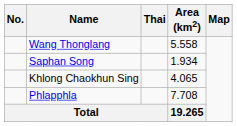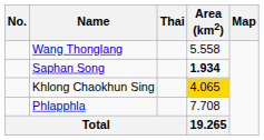 <table class="wikitable sortable">
 <tr>
 <th>No.</th>
 <th>Name</th>
 <th>Thai</th>
 <th>Area<br>(km<sup>2</sup>)</th>
 <th>Map</th>
 </tr>
 <tr>
 <td></td>
 <td><a href='#'>Wang Thonglang</a></td>
 <td></td>
 <td><div>5.558</div></td>
 <td rowspan=5></td>
 </tr>
 <tr>
 <td></td>
 <td><a href='#'>Saphan Song</a></td>
 <td></td>
-<td><div>1.934</div></td>
+<td><strong><div>1.934</div></strong></td>
 </tr>
 <tr>
 <td></td>
 <td>Khlong Chaokhun Sing</td>
 <td></td>
-<td><div>4.065</div></td>
+<td style="background: gold;"><div>4.065</div></td>
 </tr>
 <tr>
 <td></td>
 <td><a href='#'>Phlapphla</a></td>
 <td></td>
 <td><div>7.708</div></td>
 </tr>
 <tr>
 <th colspan = 3>Total</th>
 <th><div>19.265</div></th>
 </tr>
 </table>
